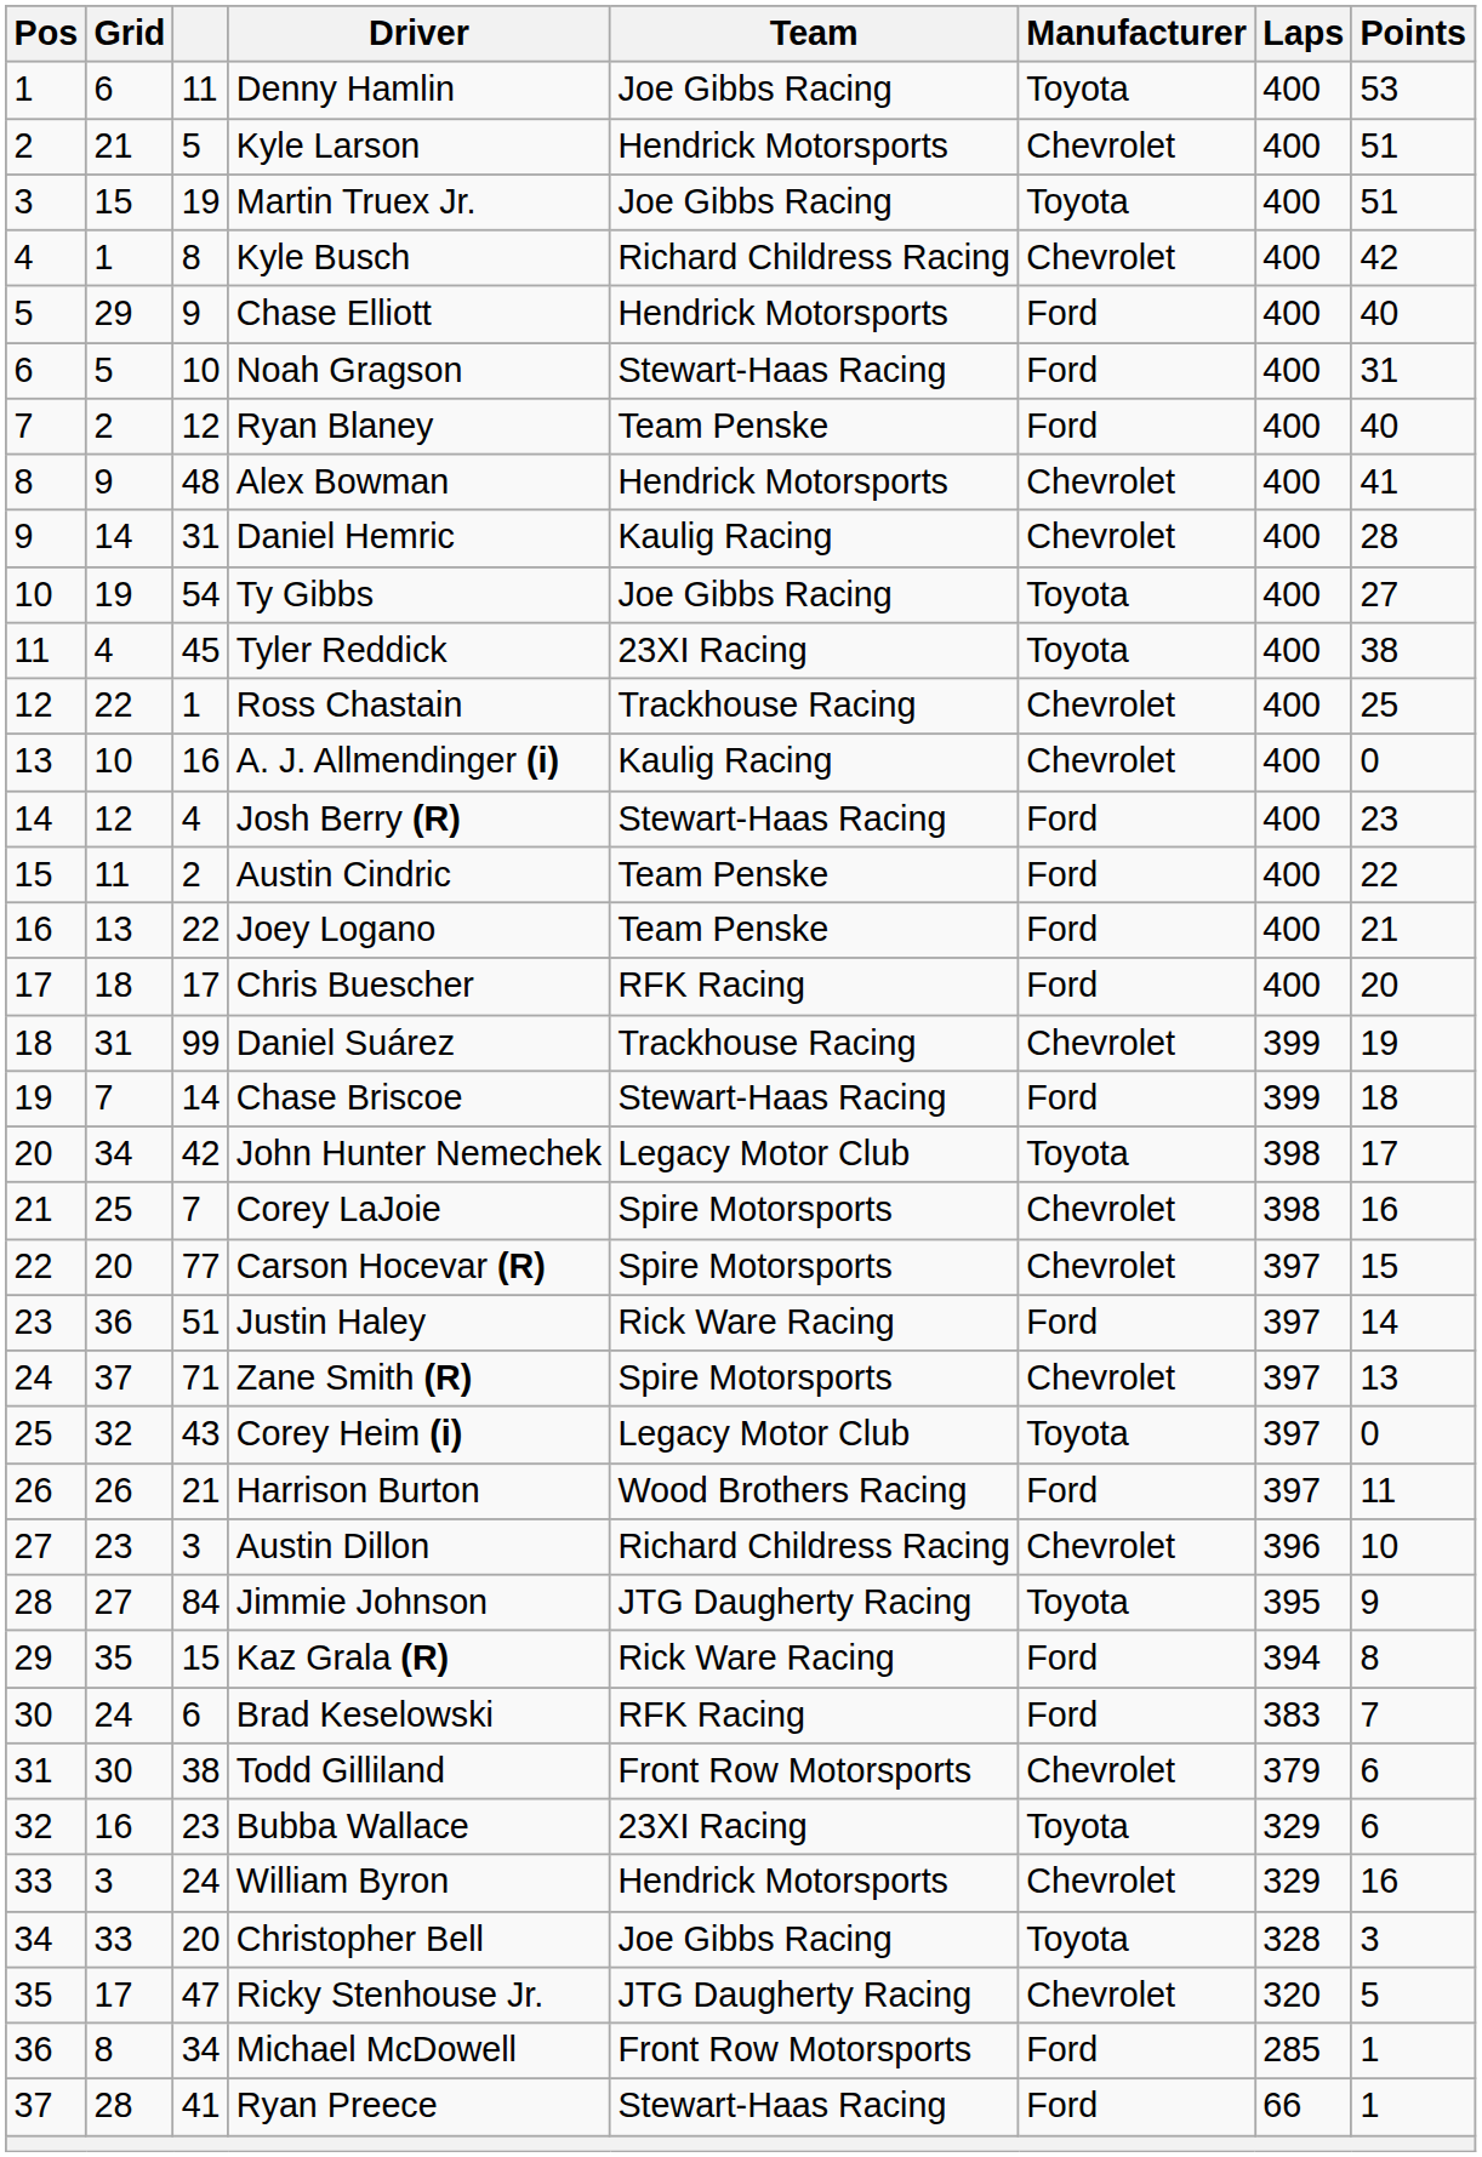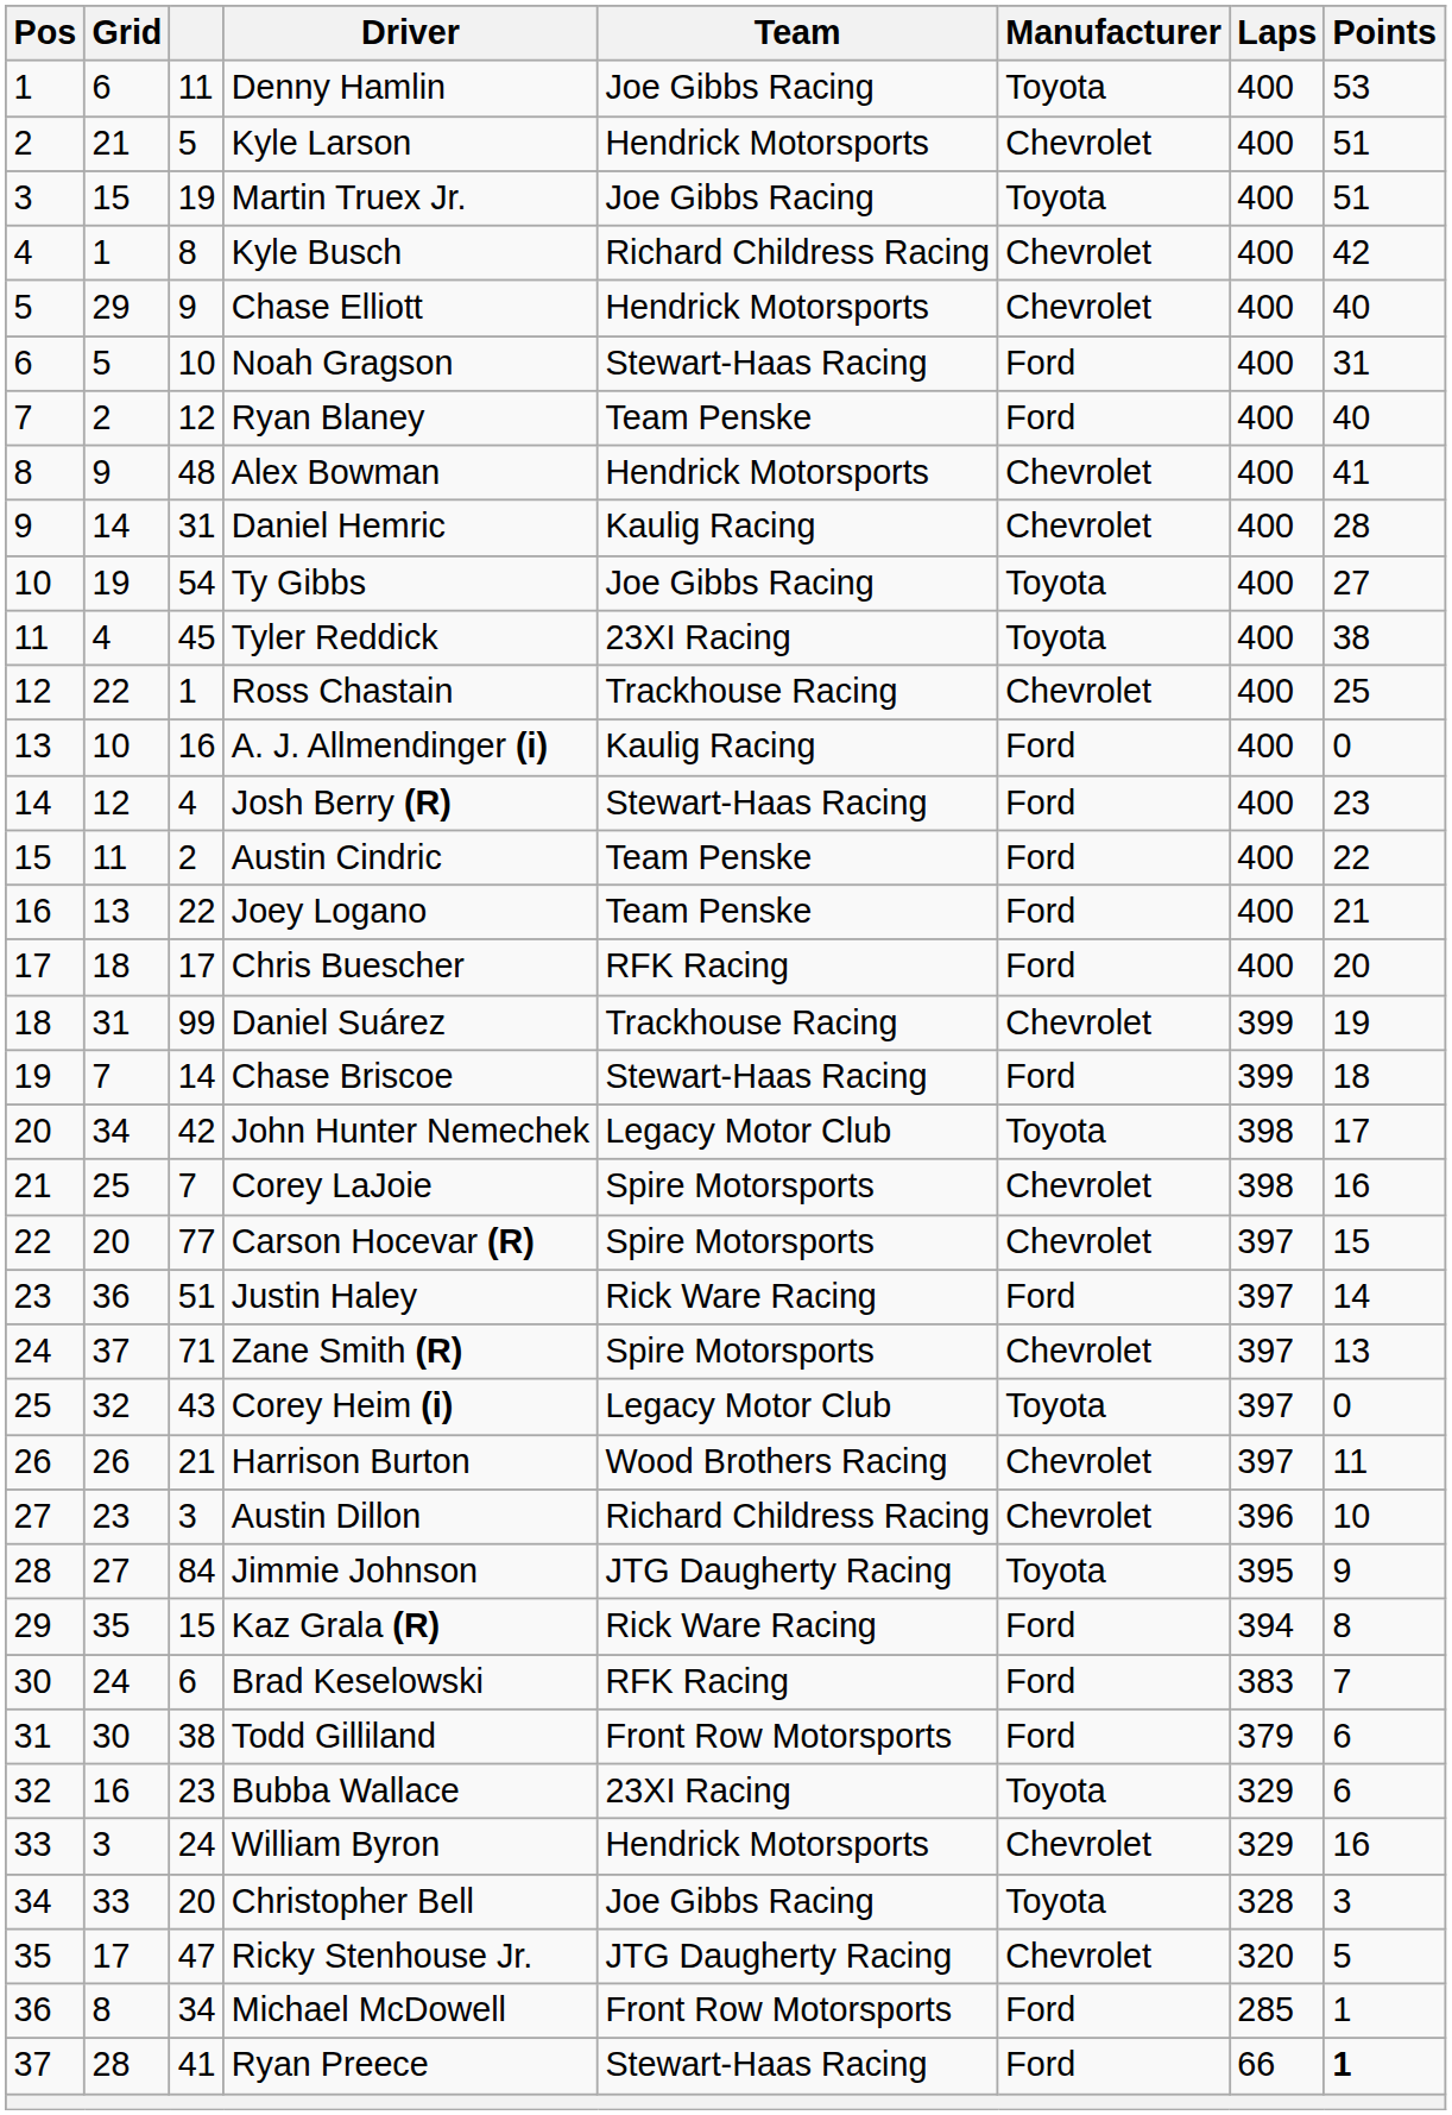 <table class="wikitable" style="font-size:98%">
 <tr>
 <th>Pos</th>
 <th>Grid</th>
 <th></th>
 <th>Driver</th>
 <th>Team</th>
 <th>Manufacturer</th>
 <th>Laps</th>
 <th>Points</th>
 </tr>
 <tr>
 <td>1</td>
 <td>6</td>
 <td>11</td>
 <td>Denny Hamlin</td>
 <td>Joe Gibbs Racing</td>
 <td>Toyota</td>
 <td>400</td>
 <td>53</td>
 </tr>
 <tr>
 <td>2</td>
 <td>21</td>
 <td>5</td>
 <td>Kyle Larson</td>
 <td>Hendrick Motorsports</td>
 <td>Chevrolet</td>
 <td>400</td>
 <td>51</td>
 </tr>
 <tr>
 <td>3</td>
 <td>15</td>
 <td>19</td>
 <td>Martin Truex Jr.</td>
 <td>Joe Gibbs Racing</td>
 <td>Toyota</td>
 <td>400</td>
 <td>51</td>
 </tr>
 <tr>
 <td>4</td>
 <td>1</td>
 <td>8</td>
 <td>Kyle Busch</td>
 <td>Richard Childress Racing</td>
 <td>Chevrolet</td>
 <td>400</td>
 <td>42</td>
 </tr>
 <tr>
 <td>5</td>
 <td>29</td>
 <td>9</td>
 <td>Chase Elliott</td>
 <td>Hendrick Motorsports</td>
-<td>Ford</td>
+<td>Chevrolet</td>
 <td>400</td>
 <td>40</td>
 </tr>
 <tr>
 <td>6</td>
 <td>5</td>
 <td>10</td>
 <td>Noah Gragson</td>
 <td>Stewart-Haas Racing</td>
 <td>Ford</td>
 <td>400</td>
 <td>31</td>
 </tr>
 <tr>
 <td>7</td>
 <td>2</td>
 <td>12</td>
 <td>Ryan Blaney</td>
 <td>Team Penske</td>
 <td>Ford</td>
 <td>400</td>
 <td>40</td>
 </tr>
 <tr>
 <td>8</td>
 <td>9</td>
 <td>48</td>
 <td>Alex Bowman</td>
 <td>Hendrick Motorsports</td>
 <td>Chevrolet</td>
 <td>400</td>
 <td>41</td>
 </tr>
 <tr>
 <td>9</td>
 <td>14</td>
 <td>31</td>
 <td>Daniel Hemric</td>
 <td>Kaulig Racing</td>
 <td>Chevrolet</td>
 <td>400</td>
 <td>28</td>
 </tr>
 <tr>
 <td>10</td>
 <td>19</td>
 <td>54</td>
 <td>Ty Gibbs</td>
 <td>Joe Gibbs Racing</td>
 <td>Toyota</td>
 <td>400</td>
 <td>27</td>
 </tr>
 <tr>
 <td>11</td>
 <td>4</td>
 <td>45</td>
 <td>Tyler Reddick</td>
 <td>23XI Racing</td>
 <td>Toyota</td>
 <td>400</td>
 <td>38</td>
 </tr>
 <tr>
 <td>12</td>
 <td>22</td>
 <td>1</td>
 <td>Ross Chastain</td>
 <td>Trackhouse Racing</td>
 <td>Chevrolet</td>
 <td>400</td>
 <td>25</td>
 </tr>
 <tr>
 <td>13</td>
 <td>10</td>
 <td>16</td>
 <td>A. J. Allmendinger <strong>(i)</strong></td>
 <td>Kaulig Racing</td>
-<td>Chevrolet</td>
+<td>Ford</td>
 <td>400</td>
 <td>0</td>
 </tr>
 <tr>
 <td>14</td>
 <td>12</td>
 <td>4</td>
 <td>Josh Berry <strong>(R)</strong></td>
 <td>Stewart-Haas Racing</td>
 <td>Ford</td>
 <td>400</td>
 <td>23</td>
 </tr>
 <tr>
 <td>15</td>
 <td>11</td>
 <td>2</td>
 <td>Austin Cindric</td>
 <td>Team Penske</td>
 <td>Ford</td>
 <td>400</td>
 <td>22</td>
 </tr>
 <tr>
 <td>16</td>
 <td>13</td>
 <td>22</td>
 <td>Joey Logano</td>
 <td>Team Penske</td>
 <td>Ford</td>
 <td>400</td>
 <td>21</td>
 </tr>
 <tr>
 <td>17</td>
 <td>18</td>
 <td>17</td>
 <td>Chris Buescher</td>
 <td>RFK Racing</td>
 <td>Ford</td>
 <td>400</td>
 <td>20</td>
 </tr>
 <tr>
 <td>18</td>
 <td>31</td>
 <td>99</td>
 <td>Daniel Suárez</td>
 <td>Trackhouse Racing</td>
 <td>Chevrolet</td>
 <td>399</td>
 <td>19</td>
 </tr>
 <tr>
 <td>19</td>
 <td>7</td>
 <td>14</td>
 <td>Chase Briscoe</td>
 <td>Stewart-Haas Racing</td>
 <td>Ford</td>
 <td>399</td>
 <td>18</td>
 </tr>
 <tr>
 <td>20</td>
 <td>34</td>
 <td>42</td>
 <td>John Hunter Nemechek</td>
 <td>Legacy Motor Club</td>
 <td>Toyota</td>
 <td>398</td>
 <td>17</td>
 </tr>
 <tr>
 <td>21</td>
 <td>25</td>
 <td>7</td>
 <td>Corey LaJoie</td>
 <td>Spire Motorsports</td>
 <td>Chevrolet</td>
 <td>398</td>
 <td>16</td>
 </tr>
 <tr>
 <td>22</td>
 <td>20</td>
 <td>77</td>
 <td>Carson Hocevar <strong>(R)</strong></td>
 <td>Spire Motorsports</td>
 <td>Chevrolet</td>
 <td>397</td>
 <td>15</td>
 </tr>
 <tr>
 <td>23</td>
 <td>36</td>
 <td>51</td>
 <td>Justin Haley</td>
 <td>Rick Ware Racing</td>
 <td>Ford</td>
 <td>397</td>
 <td>14</td>
 </tr>
 <tr>
 <td>24</td>
 <td>37</td>
 <td>71</td>
 <td>Zane Smith <strong>(R)</strong></td>
 <td>Spire Motorsports</td>
 <td>Chevrolet</td>
 <td>397</td>
 <td>13</td>
 </tr>
 <tr>
 <td>25</td>
 <td>32</td>
 <td>43</td>
 <td>Corey Heim <strong>(i)</strong></td>
 <td>Legacy Motor Club</td>
 <td>Toyota</td>
 <td>397</td>
 <td>0</td>
 </tr>
 <tr>
 <td>26</td>
 <td>26</td>
 <td>21</td>
 <td>Harrison Burton</td>
 <td>Wood Brothers Racing</td>
-<td>Ford</td>
+<td>Chevrolet</td>
 <td>397</td>
 <td>11</td>
 </tr>
 <tr>
 <td>27</td>
 <td>23</td>
 <td>3</td>
 <td>Austin Dillon</td>
 <td>Richard Childress Racing</td>
 <td>Chevrolet</td>
 <td>396</td>
 <td>10</td>
 </tr>
 <tr>
 <td>28</td>
 <td>27</td>
 <td>84</td>
 <td>Jimmie Johnson</td>
 <td>JTG Daugherty Racing</td>
 <td>Toyota</td>
 <td>395</td>
 <td>9</td>
 </tr>
 <tr>
 <td>29</td>
 <td>35</td>
 <td>15</td>
 <td>Kaz Grala <strong>(R)</strong></td>
 <td>Rick Ware Racing</td>
 <td>Ford</td>
 <td>394</td>
 <td>8</td>
 </tr>
 <tr>
 <td>30</td>
 <td>24</td>
 <td>6</td>
 <td>Brad Keselowski</td>
 <td>RFK Racing</td>
 <td>Ford</td>
 <td>383</td>
 <td>7</td>
 </tr>
 <tr>
 <td>31</td>
 <td>30</td>
 <td>38</td>
 <td>Todd Gilliland</td>
 <td>Front Row Motorsports</td>
-<td>Chevrolet</td>
+<td>Ford</td>
 <td>379</td>
 <td>6</td>
 </tr>
 <tr>
 <td>32</td>
 <td>16</td>
 <td>23</td>
 <td>Bubba Wallace</td>
 <td>23XI Racing</td>
 <td>Toyota</td>
 <td>329</td>
 <td>6</td>
 </tr>
 <tr>
 <td>33</td>
 <td>3</td>
 <td>24</td>
 <td>William Byron</td>
 <td>Hendrick Motorsports</td>
 <td>Chevrolet</td>
 <td>329</td>
 <td>16</td>
 </tr>
 <tr>
 <td>34</td>
 <td>33</td>
 <td>20</td>
 <td>Christopher Bell</td>
 <td>Joe Gibbs Racing</td>
 <td>Toyota</td>
 <td>328</td>
 <td>3</td>
 </tr>
 <tr>
 <td>35</td>
 <td>17</td>
 <td>47</td>
 <td>Ricky Stenhouse Jr.</td>
 <td>JTG Daugherty Racing</td>
 <td>Chevrolet</td>
 <td>320</td>
 <td>5</td>
 </tr>
 <tr>
 <td>36</td>
 <td>8</td>
 <td>34</td>
 <td>Michael McDowell</td>
 <td>Front Row Motorsports</td>
 <td>Ford</td>
 <td>285</td>
 <td>1</td>
 </tr>
 <tr>
 <td>37</td>
 <td>28</td>
 <td>41</td>
 <td>Ryan Preece</td>
 <td>Stewart-Haas Racing</td>
 <td>Ford</td>
 <td>66</td>
-<td>1</td>
+<td><strong>1</strong></td>
 </tr>
 <tr>
 <th colspan="8"></th>
 </tr>
 </table>
